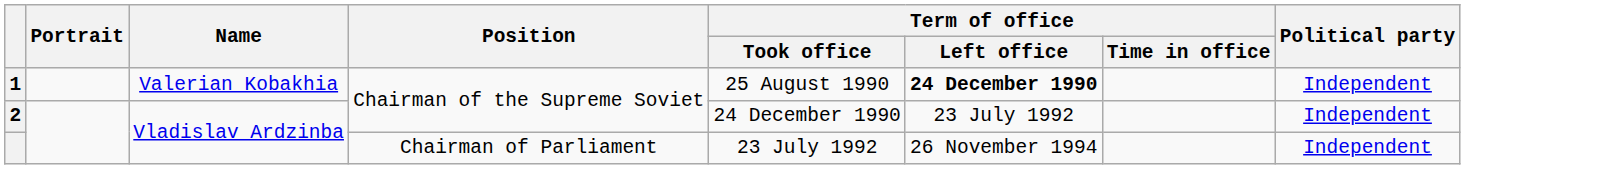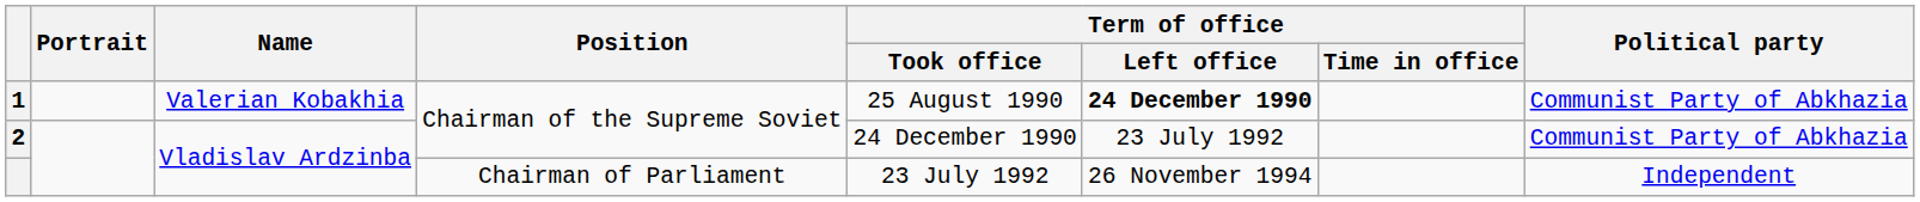 <table class="wikitable" style="text-align:center">
 <tr>
 <th rowspan=2></th>
 <th rowspan=2>Portrait</th>
 <th rowspan=2>Name<br></th>
 <th rowspan=2>Position</th>
 <th colspan=3>Term of office</th>
 <th rowspan=2>Political party</th>
 </tr>
 <tr>
 <th>Took office</th>
 <th>Left office</th>
 <th>Time in office</th>
 </tr>
 <tr>
 <th style="background:">1</th>
 <td></td>
 <td><a href='#'>Valerian Kobakhia</a><br></td>
 <td rowspan=2>Chairman of the Supreme Soviet</td>
 <td>25 August 1990</td>
 <td><strong>24 December 1990</strong></td>
 <td></td>
-<td><a href='#'>Independent</a></td>
+<td><a href='#'>Communist Party of Abkhazia</a></td>
 </tr>
 <tr>
 <th style="background:">2</th>
 <td rowspan=2></td>
 <td rowspan=2><a href='#'>Vladislav Ardzinba</a><br></td>
 <td>24 December 1990</td>
 <td>23 July 1992</td>
 <td></td>
-<td><a href='#'>Independent</a></td>
+<td><a href='#'>Communist Party of Abkhazia</a></td>
 </tr>
 <tr>
 <th style="background:"></th>
 <td>Chairman of Parliament</td>
 <td>23 July 1992</td>
 <td>26 November 1994</td>
 <td></td>
 <td><a href='#'>Independent</a></td>
 </tr>
 </table>
